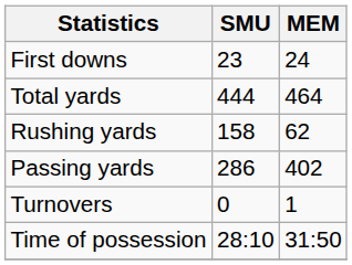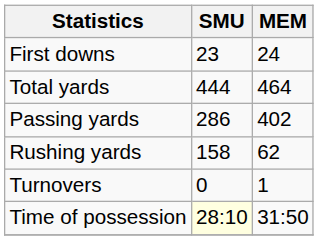 <table class="wikitable" style="float: left;">
 <tr>
 <th>Statistics</th>
 <th>SMU</th>
 <th>MEM</th>
 </tr>
 <tr>
 <td>First downs</td>
 <td>23</td>
 <td>24</td>
 </tr>
 <tr>
 <td>Total yards</td>
 <td>444</td>
 <td>464</td>
 </tr>
 <tr>
+<td>Passing yards</td>
+<td>286</td>
+<td>402</td>
+</tr>
+<tr>
 <td>Rushing yards</td>
 <td>158</td>
 <td>62</td>
-</tr>
-<tr>
-<td>Passing yards</td>
-<td>286</td>
-<td>402</td>
 </tr>
 <tr>
 <td>Turnovers</td>
 <td>0</td>
 <td>1</td>
 </tr>
 <tr>
 <td>Time of possession</td>
-<td>28:10</td>
+<td style="background: lightyellow;">28:10</td>
 <td>31:50</td>
 </tr>
 <tr>
 </tr>
 </table>
